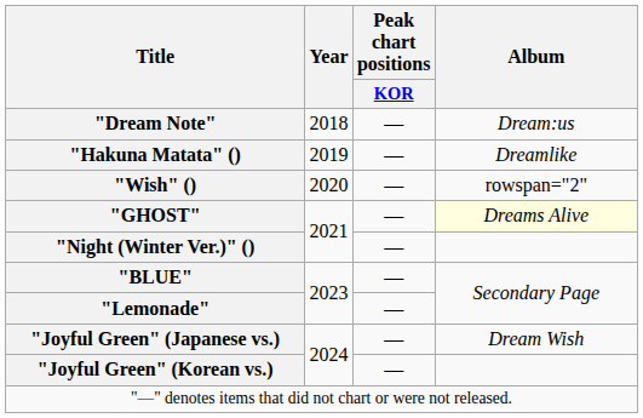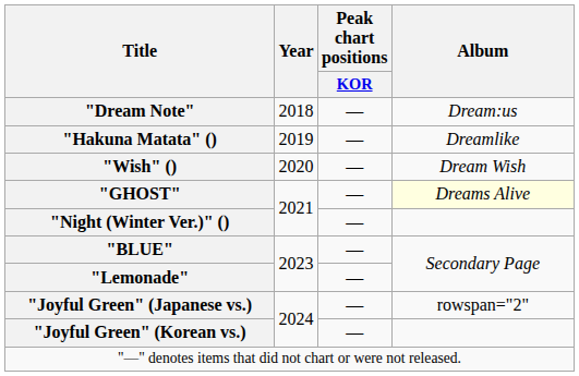 <table class="wikitable plainrowheaders" style="text-align:center;">
 <tr>
 <th scope="col" rowspan="2" style="width:15em;">Title</th>
 <th scope="col" rowspan="2" style="width:1em">Year</th>
 <th scope="col" style="width:1em">Peak chart positions</th>
 <th scope="col" rowspan="2" style="width:10em;">Album</th>
 </tr>
 <tr>
 <th style="width:3em;font-size:90%;"><a href='#'>KOR</a><br></th>
 </tr>
 <tr>
 <th scope="row">"Dream Note"</th>
 <td>2018</td>
 <td>—</td>
 <td><em>Dream:us</em></td>
 </tr>
 <tr>
 <th scope="row">"Hakuna Matata" ()</th>
 <td>2019</td>
 <td>—</td>
 <td><em>Dreamlike</em></td>
 </tr>
 <tr>
 <th scope="row">"Wish" ()</th>
 <td>2020</td>
 <td>—</td>
-<td>rowspan="2" </td>
+<td><em>Dream Wish</em></td>
 </tr>
 <tr>
 <th scope="row">"GHOST"</th>
 <td rowspan="2">2021</td>
 <td>—</td>
 <td style="background: lightyellow;"><em>Dreams Alive</em></td>
 </tr>
 <tr>
 <th scope="row">"Night (Winter Ver.)" ()</th>
 <td>—</td>
 <td></td>
 </tr>
 <tr>
 <th scope="row">"BLUE"</th>
 <td rowspan="2">2023</td>
 <td>—</td>
 <td rowspan="2"><em>Secondary Page</em></td>
 </tr>
 <tr>
 <th scope="row">"Lemonade"</th>
 <td>—</td>
 </tr>
 <tr>
 <th scope="row">"Joyful Green" (Japanese vs.)</th>
 <td rowspan="2">2024</td>
 <td>—</td>
-<td><em>Dream Wish</em></td>
+<td>rowspan="2" </td>
 </tr>
 <tr>
 <th scope="row">"Joyful Green" (Korean vs.)</th>
 <td>—</td>
 </tr>
 <tr>
 <td colspan="4" style="text-align:center; font-size:85%;">"—" denotes items that did not chart or were not released.</td>
 </tr>
 </table>
